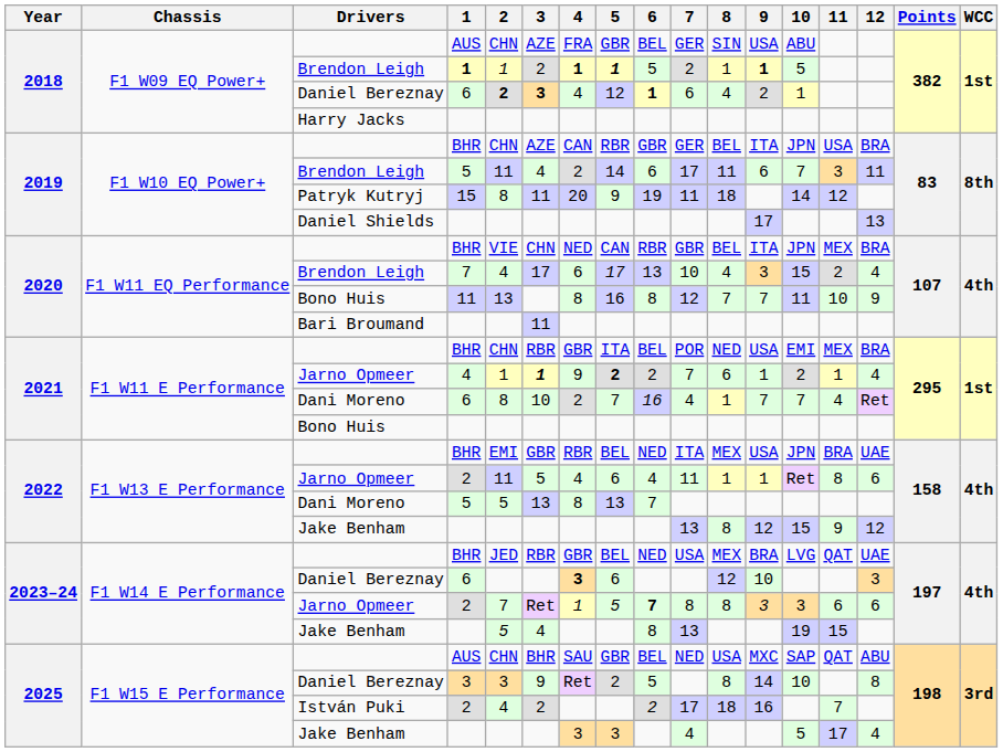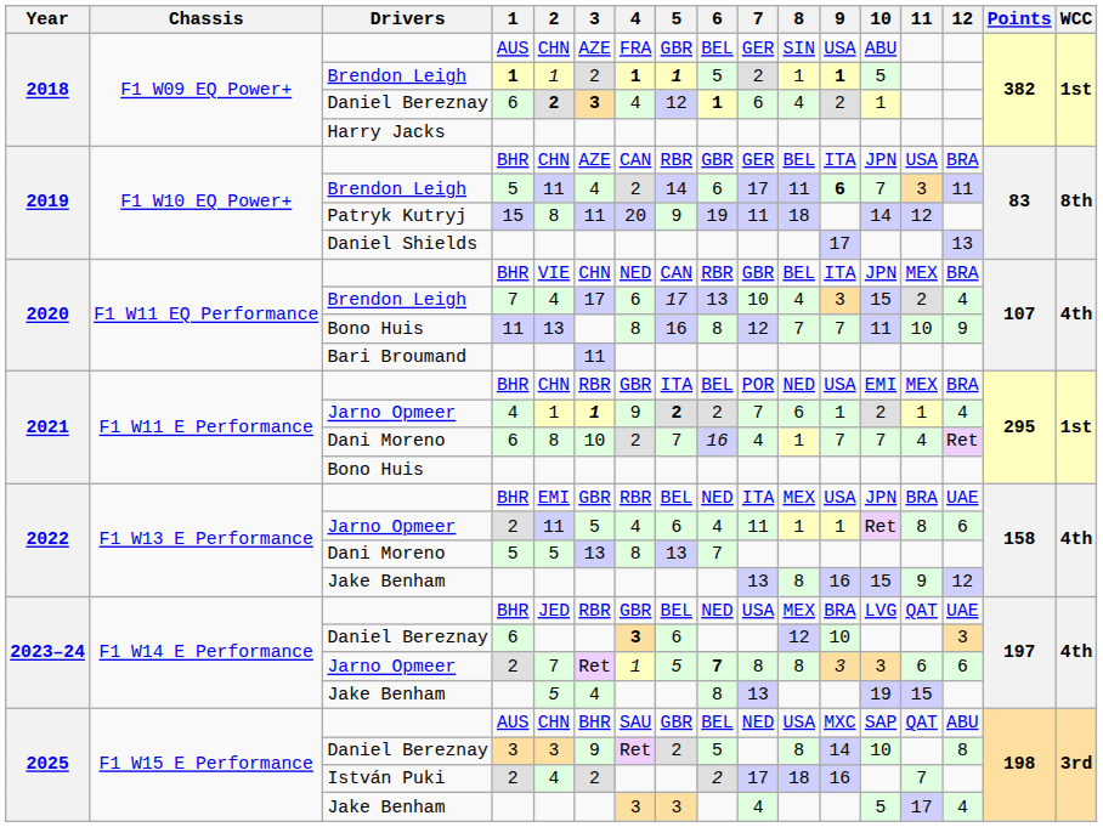 <table class="wikitable" style="text-align:center; font-size:85%">
 <tr>
 <th>Year</th>
 <th>Chassis</th>
 <th>Drivers</th>
 <th>1</th>
 <th>2</th>
 <th>3</th>
 <th>4</th>
 <th>5</th>
 <th>6</th>
 <th>7</th>
 <th>8</th>
 <th>9</th>
 <th>10</th>
 <th>11</th>
 <th>12</th>
 <th><a href='#'>Points</a></th>
 <th>WCC</th>
 </tr>
 <tr>
 <th rowspan="4"><a href='#'>2018</a></th>
 <td rowspan="4"><a href='#'>F1 W09 EQ Power+</a></td>
 <td></td>
 <td><a href='#'>AUS</a></td>
 <td><a href='#'>CHN</a></td>
 <td><a href='#'>AZE</a></td>
 <td><a href='#'>FRA</a></td>
 <td><a href='#'>GBR</a></td>
 <td><a href='#'>BEL</a></td>
 <td><a href='#'>GER</a></td>
 <td><a href='#'>SIN</a></td>
 <td><a href='#'>USA</a></td>
 <td><a href='#'>ABU</a></td>
 <td></td>
 <td></td>
 <th rowspan="4" style="background:#FFFFBF;"><strong>382</strong></th>
 <th rowspan="4" style="background:#FFFFBF;"><strong>1st</strong></th>
 </tr>
 <tr>
 <td align="left"> <a href='#'>Brendon Leigh</a></td>
 <td style="background: #FFFFBF"><strong>1</strong></td>
 <td style="background: #FFFFBF"><em>1</em></td>
 <td style="background: #DFDFDF">2</td>
 <td style="background: #FFFFBF"><strong>1</strong></td>
 <td style="background: #FFFFBF"><strong><em>1</em></strong></td>
 <td style="background: #DFFFDF">5</td>
 <td style="background: #DFDFDF">2</td>
 <td style="background: #FFFFBF">1</td>
 <td style="background: #FFFFBF"><strong>1</strong></td>
 <td style="background: #DFFFDF">5</td>
 <td></td>
 <td></td>
 </tr>
 <tr>
 <td align="left"> Daniel Bereznay</td>
 <td style="background: #DFFFDF">6</td>
 <td style="background: #DFDFDF"><strong>2</strong></td>
 <td style="background: #FFDF9F"><strong>3</strong></td>
 <td style="background: #DFFFDF">4</td>
 <td style="background: #CFCFFF">12</td>
 <td style="background: #FFFFBF"><strong>1</strong></td>
 <td style="background: #DFFFDF">6</td>
 <td style="background: #DFFFDF">4</td>
 <td style="background: #DFDFDF">2</td>
 <td style="background: #FFFFBF">1</td>
 <td></td>
 <td></td>
 </tr>
 <tr>
 <td align="left"> Harry Jacks</td>
 <td style="background:"></td>
 <td style="background:"></td>
 <td style="background:"></td>
 <td style="background:"></td>
 <td style="background:"></td>
 <td style="background:"></td>
 <td style="background:"></td>
 <td style="background:"></td>
 <td style="background:"></td>
 <td style="background:"></td>
 <td></td>
 <td></td>
 </tr>
 <tr>
 <th rowspan="4"><a href='#'>2019</a></th>
 <td rowspan="4"><a href='#'>F1 W10 EQ Power+</a></td>
 <td></td>
 <td><a href='#'>BHR</a></td>
 <td><a href='#'>CHN</a></td>
 <td><a href='#'>AZE</a></td>
 <td><a href='#'>CAN</a></td>
 <td><a href='#'>RBR</a></td>
 <td><a href='#'>GBR</a></td>
 <td><a href='#'>GER</a></td>
 <td><a href='#'>BEL</a></td>
 <td><a href='#'>ITA</a></td>
 <td><a href='#'>JPN</a></td>
 <td><a href='#'>USA</a></td>
 <td><a href='#'>BRA</a></td>
 <th rowspan="4" style="background:#;">83</th>
 <th rowspan="4" style="background:#;">8th</th>
 </tr>
 <tr>
 <td align="left"> <a href='#'>Brendon Leigh</a></td>
 <td style="background: #DFFFDF">5</td>
 <td style="background: #CFCFFF">11</td>
 <td style="background: #DFFFDF">4</td>
 <td style="background: #DFDFDF">2</td>
 <td style="background: #CFCFFF">14</td>
 <td style="background: #DFFFDF">6</td>
 <td style="background: #CFCFFF">17</td>
 <td style="background: #CFCFFF">11</td>
-<td style="background: #DFFFDF">6</td>
+<td style="background: #DFFFDF"><strong>6</strong></td>
 <td style="background: #DFFFDF">7</td>
 <td style="background: #FFDF9F">3</td>
 <td style="background: #CFCFFF">11</td>
 </tr>
 <tr>
 <td align="left"> Patryk Kutryj</td>
 <td style="background: #CFCFFF">15</td>
 <td style="background: #DFFFDF">8</td>
 <td style="background: #CFCFFF">11</td>
 <td style="background: #CFCFFF">20</td>
 <td style="background: #DFFFDF">9</td>
 <td style="background: #CFCFFF">19</td>
 <td style="background: #CFCFFF">11</td>
 <td style="background: #CFCFFF">18</td>
 <td style="background: #"></td>
 <td style="background: #CFCFFF">14</td>
 <td style="background: #CFCFFF">12</td>
 <td style="background: #"></td>
 </tr>
 <tr>
 <td align="left"> Daniel Shields</td>
 <td style="background: #"></td>
 <td style="background: #"></td>
 <td></td>
 <td></td>
 <td></td>
 <td></td>
 <td></td>
 <td></td>
 <td style="background: #CFCFFF">17</td>
 <td></td>
 <td></td>
 <td style="background: #CFCFFF">13</td>
 </tr>
 <tr>
 <th rowspan="4"><a href='#'>2020</a></th>
 <td rowspan="4"><a href='#'>F1 W11 EQ Performance</a></td>
 <td></td>
 <td><a href='#'>BHR</a></td>
 <td><a href='#'>VIE</a></td>
 <td><a href='#'>CHN</a></td>
 <td><a href='#'>NED</a></td>
 <td><a href='#'>CAN</a></td>
 <td><a href='#'>RBR</a></td>
 <td><a href='#'>GBR</a></td>
 <td><a href='#'>BEL</a></td>
 <td><a href='#'>ITA</a></td>
 <td><a href='#'>JPN</a></td>
 <td><a href='#'>MEX</a></td>
 <td><a href='#'>BRA</a></td>
 <th rowspan="4">107</th>
 <th rowspan="4">4th</th>
 </tr>
 <tr>
 <td align="left"> <a href='#'>Brendon Leigh</a></td>
 <td style="background: #DFFFDF">7</td>
 <td style="background: #DFFFDF">4</td>
 <td style="background: #CFCFFF">17</td>
 <td style="background: #DFFFDF">6</td>
 <td style="background: #CFCFFF"><em>17</em></td>
 <td style="background: #CFCFFF">13</td>
 <td style="background: #DFFFDF">10</td>
 <td style="background: #DFFFDF">4</td>
 <td style="background: #FFDF9F">3</td>
 <td style="background: #CFCFFF">15</td>
 <td style="background: #DFDFDF">2</td>
 <td style="background: #DFFFDF">4</td>
 </tr>
 <tr>
 <td align="left"> Bono Huis</td>
 <td style="background: #CFCFFF">11</td>
 <td style="background: #CFCFFF">13</td>
 <td style="background: #"></td>
 <td style="background: #DFFFDF">8</td>
 <td style="background: #CFCFFF">16</td>
 <td style="background: #DFFFDF">8</td>
 <td style="background: #CFCFFF">12</td>
 <td style="background: #DFFFDF">7</td>
 <td style="background: #DFFFDF">7</td>
 <td style="background: #CFCFFF">11</td>
 <td style="background: #DFFFDF">10</td>
 <td style="background: #DFFFDF">9</td>
 </tr>
 <tr>
 <td align="left"> Bari Broumand</td>
 <td></td>
 <td style="background: #"></td>
 <td style="background: #CFCFFF">11</td>
 <td style="background: #"></td>
 <td style="background: #"></td>
 <td style="background: #"></td>
 <td></td>
 <td style="background: #"></td>
 <td style="background: #"></td>
 <td style="background: #"></td>
 <td style="background: #"></td>
 <td></td>
 </tr>
 <tr>
 <th rowspan="4"><a href='#'>2021</a></th>
 <td rowspan="4"><a href='#'>F1 W11 E Performance</a></td>
 <td></td>
 <td><a href='#'>BHR</a></td>
 <td><a href='#'>CHN</a></td>
 <td><a href='#'>RBR</a></td>
 <td><a href='#'>GBR</a></td>
 <td><a href='#'>ITA</a></td>
 <td><a href='#'>BEL</a></td>
 <td><a href='#'>POR</a></td>
 <td><a href='#'>NED</a></td>
 <td><a href='#'>USA</a></td>
 <td><a href='#'>EMI</a></td>
 <td><a href='#'>MEX</a></td>
 <td><a href='#'>BRA</a></td>
 <th rowspan="4" style="background: #FFFFBF"><strong>295</strong></th>
 <th rowspan="4" style="background: #FFFFBF"><strong>1st</strong></th>
 </tr>
 <tr>
 <td align="left"> <a href='#'>Jarno Opmeer</a></td>
 <td style="background: #DFFFDF">4</td>
 <td style="background: #FFFFBF">1</td>
 <td style="background: #FFFFBF"><strong><em>1</em></strong></td>
 <td style="background: #DFFFDF">9</td>
 <td style="background: #DFDFDF"><strong>2</strong></td>
 <td style="background: #DFDFDF">2</td>
 <td style="background: #DFFFDF">7</td>
 <td style="background: #DFFFDF">6</td>
 <td style="background: #DFFFDF">1</td>
 <td style="background: #DFDFDF">2</td>
 <td style="background: #FFFFBF">1</td>
 <td style="background: #DFFFDF">4</td>
 </tr>
 <tr>
 <td align="left"> Dani Moreno</td>
 <td style="background: #DFFFDF">6</td>
 <td style="background: #DFFFDF">8</td>
 <td style="background: #DFFFDF">10</td>
 <td style="background: #DFDFDF">2</td>
 <td style="background: #DFFFDF">7</td>
 <td style="background: #CFCFFF"><em>16</em></td>
 <td style="background: #DFFFDF">4</td>
 <td style="background: #FFFFBF">1</td>
 <td style="background: #DFFFDF">7</td>
 <td style="background: #DFFFDF">7</td>
 <td style="background: #DFFFDF">4</td>
 <td style="background: #EFCFFF">Ret</td>
 </tr>
 <tr>
 <td align="left"> Bono Huis</td>
 <td style="background: #"></td>
 <td style="background: #'"></td>
 <td style="background: #"></td>
 <td style="background: #"></td>
 <td style="background: #"></td>
 <td style="background: #"></td>
 <td style="background: #"></td>
 <td style="background: #"></td>
 <td style="background: #"></td>
 <td style="background: #"></td>
 <td style="background: #"></td>
 <td style="background: #"></td>
 </tr>
 <tr>
 <th rowspan="4"><a href='#'>2022</a></th>
 <td rowspan="4"><a href='#'>F1 W13 E Performance</a></td>
 <td></td>
 <td><a href='#'>BHR</a></td>
 <td><a href='#'>EMI</a></td>
 <td><a href='#'>GBR</a></td>
 <td><a href='#'>RBR</a></td>
 <td><a href='#'>BEL</a></td>
 <td><a href='#'>NED</a></td>
 <td><a href='#'>ITA</a></td>
 <td><a href='#'>MEX</a></td>
 <td><a href='#'>USA</a></td>
 <td><a href='#'>JPN</a></td>
 <td><a href='#'>BRA</a></td>
 <td><a href='#'>UAE</a></td>
 <th rowspan="4" style="background:">158</th>
 <th rowspan="4" style="background:">4th</th>
 </tr>
 <tr>
 <td align="left"> <a href='#'>Jarno Opmeer</a></td>
 <td style="background: #DFDFDF">2</td>
 <td style="background: #CFCFFF">11</td>
 <td style="background: #DFFFDF">5</td>
 <td style="background: #DFFFDF">4</td>
 <td style="background: #DFFFDF">6</td>
 <td style="background: #DFFFDF">4</td>
 <td style="background: #DFFFDF">11</td>
 <td style="background: #FFFFBF">1</td>
 <td style="background: #FFFFBF">1</td>
 <td style="background: #EFCFFF">Ret</td>
 <td style="background: #DFFFDF">8</td>
 <td style="background: #DFFFDF">6</td>
 </tr>
 <tr>
 <td align="left"> Dani Moreno</td>
 <td style="background: #DFFFDF">5</td>
 <td style="background: #DFFFDF">5</td>
 <td style="background: #CFCFFF">13</td>
 <td style="background: #DFFFDF">8</td>
 <td style="background: #CFCFFF">13</td>
 <td style="background: #DFFFDF ">7</td>
 <td style="background: #"></td>
 <td style="background: #"></td>
 <td style="background: #"></td>
 <td style="background: #"></td>
 <td style="background: #"></td>
 <td style="background: #"></td>
 </tr>
 <tr>
 <td align="left"> Jake Benham</td>
 <td style="background:"></td>
 <td style="background:"></td>
 <td style="background:"></td>
 <td style="background:"></td>
 <td style="background:"></td>
 <td style="background:"></td>
 <td style="background: #CFCFFF">13</td>
 <td style="background: #DFFFDF">8</td>
-<td style="background: #CFCFFF">12</td>
+<td style="background: #CFCFFF">16</td>
 <td style="background: #CFCFFF">15</td>
 <td style="background: #DFFFDF">9</td>
 <td style="background: #CFCFFF">12</td>
 </tr>
 <tr>
 <th rowspan="4"><a href='#'>2023–24</a></th>
 <td rowspan="4"><a href='#'>F1 W14 E Performance</a></td>
 <td></td>
 <td><a href='#'>BHR</a></td>
 <td><a href='#'>JED</a></td>
 <td><a href='#'>RBR</a></td>
 <td><a href='#'>GBR</a></td>
 <td><a href='#'>BEL</a></td>
 <td><a href='#'>NED</a></td>
 <td><a href='#'>USA</a></td>
 <td><a href='#'>MEX</a></td>
 <td><a href='#'>BRA</a></td>
 <td><a href='#'>LVG</a></td>
 <td><a href='#'>QAT</a></td>
 <td><a href='#'>UAE</a></td>
 <th rowspan="4" style="background:">197</th>
 <th rowspan="4" style="background:">4th</th>
 </tr>
 <tr>
 <td align="left"> Daniel Bereznay</td>
 <td style="background: #DFFFDF">6</td>
 <td style="background: #"></td>
 <td style="background: #"></td>
 <td style="background: #FFDF9F"><strong>3</strong></td>
 <td style="background: #DFFFDF">6</td>
 <td style="background: #"></td>
 <td style="background: #"></td>
 <td style="background: #CFCFFF">12</td>
 <td style="background: #DFFFDF">10</td>
 <td style="background: #"></td>
 <td style="background: #"></td>
 <td style="background: #FFDF9F">3</td>
 </tr>
 <tr>
 <td align="left"> <a href='#'>Jarno Opmeer</a></td>
 <td style="background: #DFDFDF">2</td>
 <td style="background: #DFFFDF">7</td>
 <td style="background: #EFCFFF">Ret</td>
 <td style="background: #FFFFBF"><em>1</em></td>
 <td style="background: #DFFFDF"><em>5</em></td>
 <td style="background: #DFFFDF"><strong>7</strong></td>
 <td style="background: #DFFFDF">8</td>
 <td style="background: #DFFFDF">8</td>
 <td style="background: #FFDF9F"><em>3</em></td>
 <td style="background: #FFDF9F">3</td>
 <td style="background: #DFFFDF">6</td>
 <td style="background: #DFFFDF">6</td>
 </tr>
 <tr>
 <td align="left"> Jake Benham</td>
 <td style="background: #"></td>
 <td style="background: #DFFFDF"><em>5</em></td>
 <td style="background: #DFFFDF">4</td>
 <td style="background: #"></td>
 <td style="background: #"></td>
 <td style="background: #DFFFDF">8</td>
 <td style="background: #CFCFFF">13</td>
 <td style="background: #"></td>
 <td style="background: #"></td>
 <td style="background: #CFCFFF">19</td>
 <td style="background: #CFCFFF">15</td>
 <td style="background: #"></td>
 </tr>
 <tr>
 <th rowspan="4"><a href='#'>2025</a></th>
 <td rowspan="4"><a href='#'>F1 W15 E Performance</a></td>
 <td></td>
 <td><a href='#'>AUS</a></td>
 <td><a href='#'>CHN</a></td>
 <td><a href='#'>BHR</a></td>
 <td><a href='#'>SAU</a></td>
 <td><a href='#'>GBR</a></td>
 <td><a href='#'>BEL</a></td>
 <td><a href='#'>NED</a></td>
 <td><a href='#'>USA</a></td>
 <td><a href='#'>MXC</a></td>
 <td><a href='#'>SAP</a></td>
 <td><a href='#'>QAT</a></td>
 <td><a href='#'>ABU</a></td>
 <th rowspan="4" style="background: #FFDF9F"><strong>198</strong></th>
 <th rowspan="4" style="background: #FFDF9F"><strong>3rd</strong></th>
 </tr>
 <tr>
 <td align="left"> Daniel Bereznay</td>
 <td style="background: #FFDF9F">3</td>
 <td style="background: #FFDF9F">3</td>
 <td style="background: #DFFFDF">9</td>
 <td style="background: #EFCFFF">Ret</td>
 <td style="background: #DFDFDF">2</td>
 <td style="background: #DFFFDF">5</td>
 <td style="background:"></td>
 <td style="background: #DFFFDF">8</td>
 <td style="background: #CFCFFF">14</td>
 <td style="background: #DFFFDF">10</td>
 <td style="background:"></td>
 <td style="background: #DFFFDF">8</td>
 </tr>
 <tr>
 <td align="left"> István Puki</td>
 <td style="background: #DFDFDF">2</td>
 <td style="background: #DFFFDF">4</td>
 <td style="background: #DFDFDF">2</td>
 <td style="background:"></td>
 <td style="background:"></td>
 <td style="background: #DFDFDF"><em>2</em></td>
 <td style="background: #CFCFFF">17</td>
 <td style="background: #CFCFFF">18</td>
 <td style="background: #CFCFFF">16</td>
 <td style="background:"></td>
 <td style="background: #DFFFDF">7</td>
 <td style="background:"></td>
 </tr>
 <tr>
 <td align="left"> Jake Benham</td>
 <td style="background: #"></td>
 <td style="background: #"></td>
 <td style="background: #"></td>
 <td style="background: #FFDF9F">3</td>
 <td style="background: #FFDF9F">3</td>
 <td style="background:"></td>
 <td style="background: #DFFFDF">4</td>
 <td style="background:"></td>
 <td style="background:"></td>
 <td style="background: #DFFFDF">5</td>
 <td style="background: #CFCFFF">17</td>
 <td style="background: #DFFFDF">4</td>
 </tr>
 </table>
